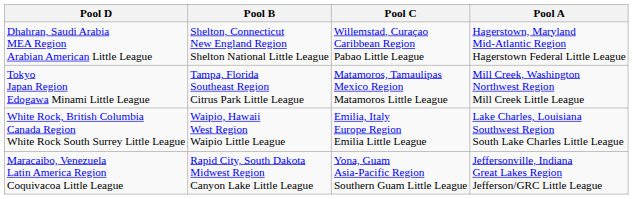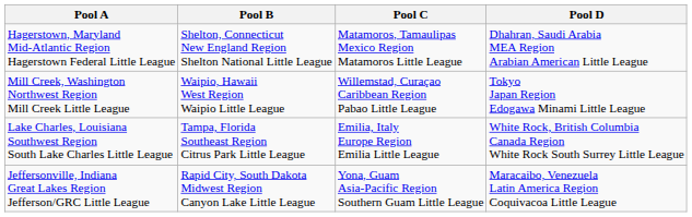 <table class="wikitable">
 <tr>
-<th>Pool D</th>
+<th>Pool A</th>
 <th>Pool B</th>
 <th>Pool C</th>
-<th>Pool A</th>
+<th>Pool D</th>
 </tr>
 <tr>
+<td> <a href='#'>Hagerstown, Maryland</a> <br><a href='#'>Mid-Atlantic Region</a><br> Hagerstown Federal Little League</td>
+<td> <a href='#'>Shelton, Connecticut</a><br><a href='#'>New England Region</a><br>Shelton National Little League</td>
+<td> <a href='#'>Matamoros, Tamaulipas</a> <br> <a href='#'>Mexico Region</a><br> Matamoros Little League</td>
 <td> <a href='#'>Dhahran, Saudi Arabia</a> <br><a href='#'>MEA Region</a><br><a href='#'>Arabian American</a> Little League</td>
-<td> <a href='#'>Shelton, Connecticut</a><br><a href='#'>New England Region</a><br>Shelton National Little League</td>
-<td>  <a href='#'>Willemstad, Curaçao</a> <br><a href='#'>Caribbean Region</a><br> Pabao Little League</td>
-<td> <a href='#'>Hagerstown, Maryland</a> <br><a href='#'>Mid-Atlantic Region</a><br> Hagerstown Federal Little League</td>
 </tr>
 <tr>
+<td> <a href='#'>Mill Creek, Washington</a><br><a href='#'>Northwest Region</a><br>Mill Creek Little League</td>
+<td> <a href='#'>Waipio, Hawaii</a> <br><a href='#'>West Region</a><br> Waipio Little League</td>
+<td>  <a href='#'>Willemstad, Curaçao</a> <br><a href='#'>Caribbean Region</a><br> Pabao Little League</td>
 <td> <a href='#'>Tokyo</a> <br> <a href='#'>Japan Region</a><br> <a href='#'>Edogawa</a> Minami Little League</td>
-<td> <a href='#'>Tampa, Florida</a><br><a href='#'>Southeast Region</a><br>Citrus Park Little League</td>
-<td> <a href='#'>Matamoros, Tamaulipas</a> <br> <a href='#'>Mexico Region</a><br> Matamoros Little League</td>
-<td> <a href='#'>Mill Creek, Washington</a><br><a href='#'>Northwest Region</a><br>Mill Creek Little League</td>
 </tr>
 <tr>
+<td> <a href='#'>Lake Charles, Louisiana</a><br><a href='#'>Southwest Region</a><br>South Lake Charles Little League</td>
+<td> <a href='#'>Tampa, Florida</a><br><a href='#'>Southeast Region</a><br>Citrus Park Little League</td>
+<td> <a href='#'>Emilia, Italy</a> <br><a href='#'>Europe Region</a><br>Emilia Little League</td>
 <td> <a href='#'>White Rock, British Columbia</a><br> <a href='#'>Canada Region</a><br>White Rock South Surrey Little League</td>
-<td> <a href='#'>Waipio, Hawaii</a> <br><a href='#'>West Region</a><br> Waipio Little League</td>
-<td> <a href='#'>Emilia, Italy</a> <br><a href='#'>Europe Region</a><br>Emilia Little League</td>
-<td> <a href='#'>Lake Charles, Louisiana</a><br><a href='#'>Southwest Region</a><br>South Lake Charles Little League</td>
 </tr>
 <tr>
-<td> <a href='#'>Maracaibo, Venezuela</a> <br><a href='#'>Latin America Region</a><br>Coquivacoa Little League</td>
+<td> <a href='#'>Jeffersonville, Indiana</a><br><a href='#'>Great Lakes Region</a><br>Jefferson/GRC Little League</td>
 <td> <a href='#'>Rapid City, South Dakota</a> <br><a href='#'>Midwest Region</a><br>Canyon Lake Little League</td>
 <td> <a href='#'>Yona, Guam</a> <br><a href='#'>Asia-Pacific Region</a><br>Southern Guam Little League</td>
-<td> <a href='#'>Jeffersonville, Indiana</a><br><a href='#'>Great Lakes Region</a><br>Jefferson/GRC Little League</td>
+<td> <a href='#'>Maracaibo, Venezuela</a> <br><a href='#'>Latin America Region</a><br>Coquivacoa Little League</td>
 </tr>
 </table>
